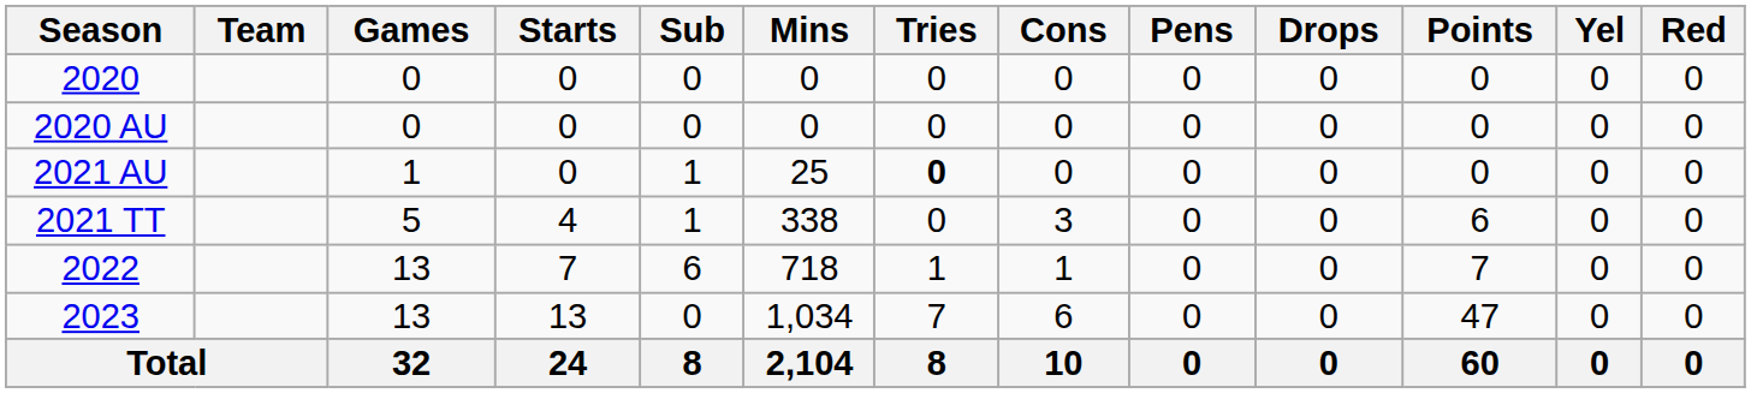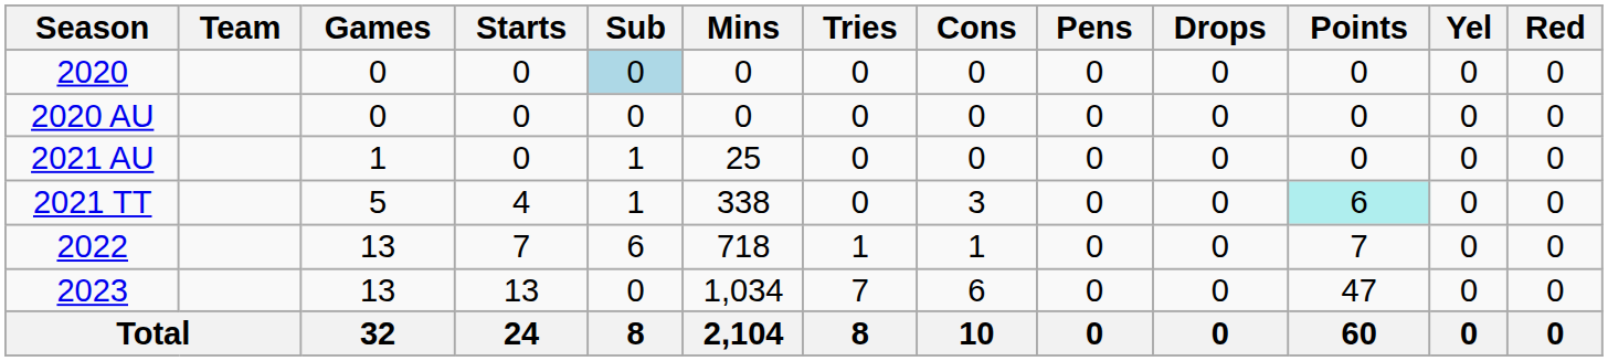 <table class="wikitable" style="text-align:center; line-height:90%; font-size:95%; width:60%;">
 <tr>
 <th>Season</th>
 <th>Team</th>
 <th>Games</th>
 <th>Starts</th>
 <th>Sub</th>
 <th>Mins</th>
 <th>Tries</th>
 <th>Cons</th>
 <th>Pens</th>
 <th>Drops</th>
 <th>Points</th>
 <th>Yel</th>
 <th>Red</th>
 </tr>
 <tr>
 <td><a href='#'>2020</a></td>
 <td></td>
 <td>0</td>
 <td>0</td>
-<td>0</td>
+<td style="background: lightblue;">0</td>
 <td>0</td>
 <td>0</td>
 <td>0</td>
 <td>0</td>
 <td>0</td>
 <td>0</td>
 <td>0</td>
 <td>0</td>
 </tr>
 <tr>
 <td><a href='#'>2020 AU</a></td>
 <td></td>
 <td>0</td>
 <td>0</td>
 <td>0</td>
 <td>0</td>
 <td>0</td>
 <td>0</td>
 <td>0</td>
 <td>0</td>
 <td>0</td>
 <td>0</td>
 <td>0</td>
 </tr>
 <tr>
 <td><a href='#'>2021 AU</a></td>
 <td></td>
 <td>1</td>
 <td>0</td>
 <td>1</td>
 <td>25</td>
-<td><strong>0</strong></td>
+<td>0</td>
 <td>0</td>
 <td>0</td>
 <td>0</td>
 <td>0</td>
 <td>0</td>
 <td>0</td>
 </tr>
 <tr>
 <td><a href='#'>2021 TT</a></td>
 <td></td>
 <td>5</td>
 <td>4</td>
 <td>1</td>
 <td>338</td>
 <td>0</td>
 <td>3</td>
 <td>0</td>
 <td>0</td>
-<td>6</td>
+<td style="background: paleturquoise;">6</td>
 <td>0</td>
 <td>0</td>
 </tr>
 <tr>
 <td><a href='#'>2022</a></td>
 <td></td>
 <td>13</td>
 <td>7</td>
 <td>6</td>
 <td>718</td>
 <td>1</td>
 <td>1</td>
 <td>0</td>
 <td>0</td>
 <td>7</td>
 <td>0</td>
 <td>0</td>
 </tr>
 <tr>
 <td><a href='#'>2023</a></td>
 <td></td>
 <td>13</td>
 <td>13</td>
 <td>0</td>
 <td>1,034</td>
 <td>7</td>
 <td>6</td>
 <td>0</td>
 <td>0</td>
 <td>47</td>
 <td>0</td>
 <td>0</td>
 </tr>
 <tr>
 <th colspan="2">Total</th>
 <th>32</th>
 <th>24</th>
 <th>8</th>
 <th>2,104</th>
 <th>8</th>
 <th>10</th>
 <th>0</th>
 <th>0</th>
 <th>60</th>
 <th>0</th>
 <th>0</th>
 </tr>
 </table>
